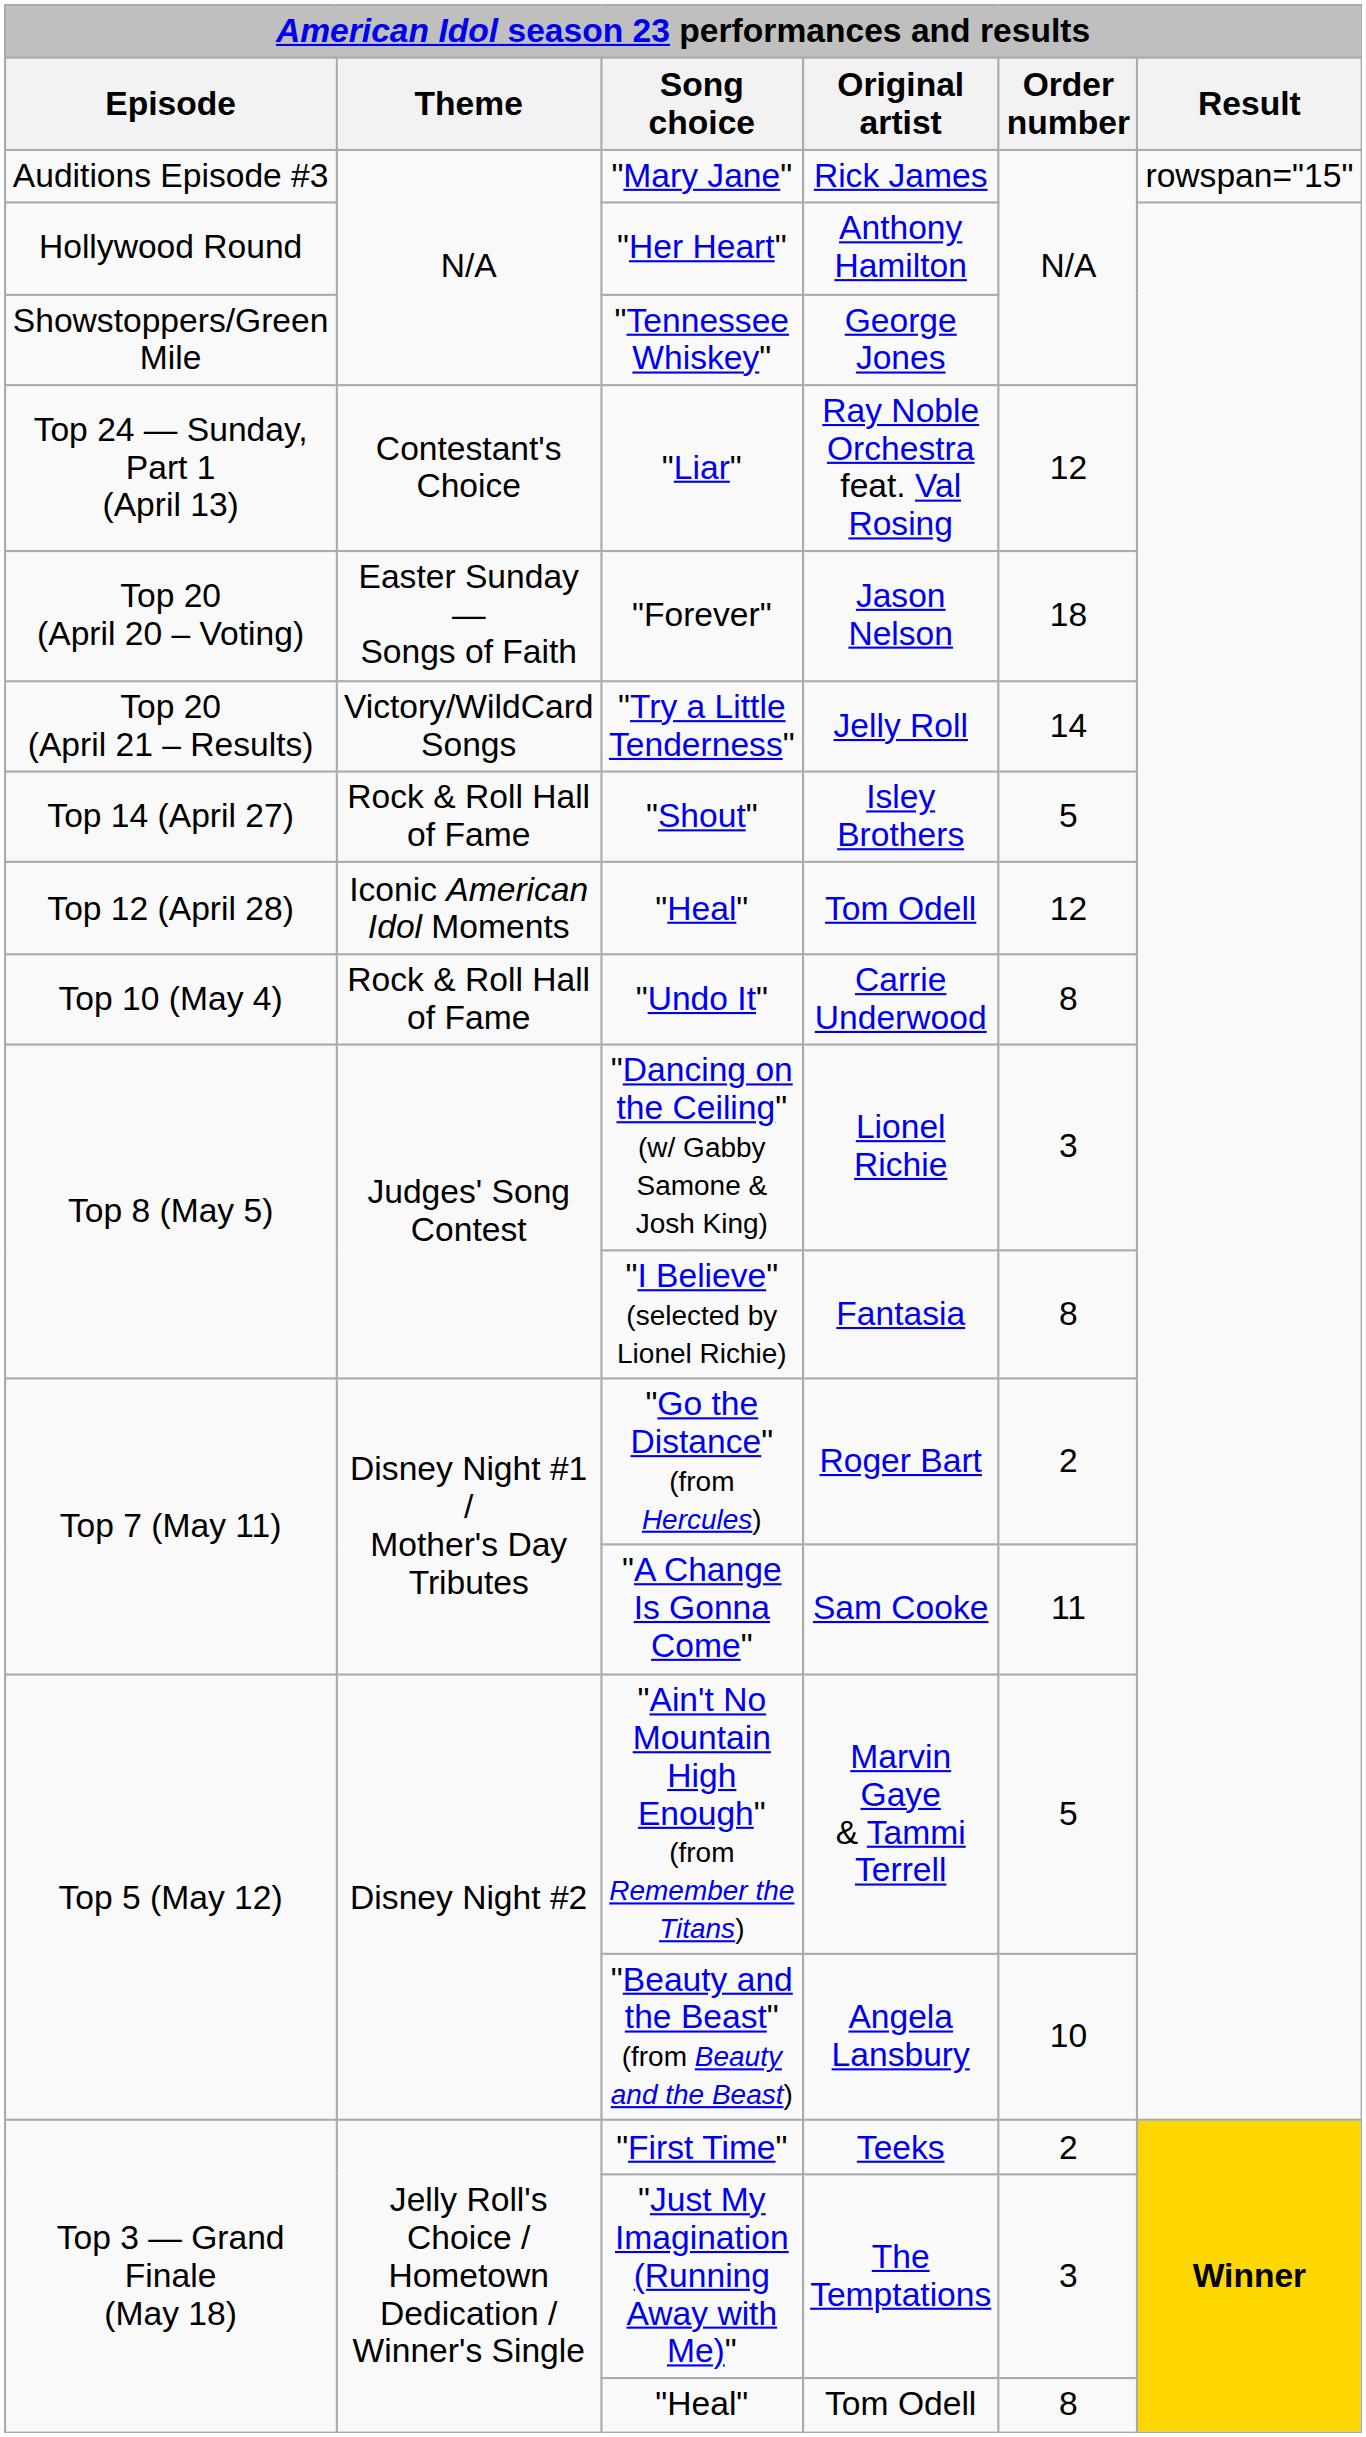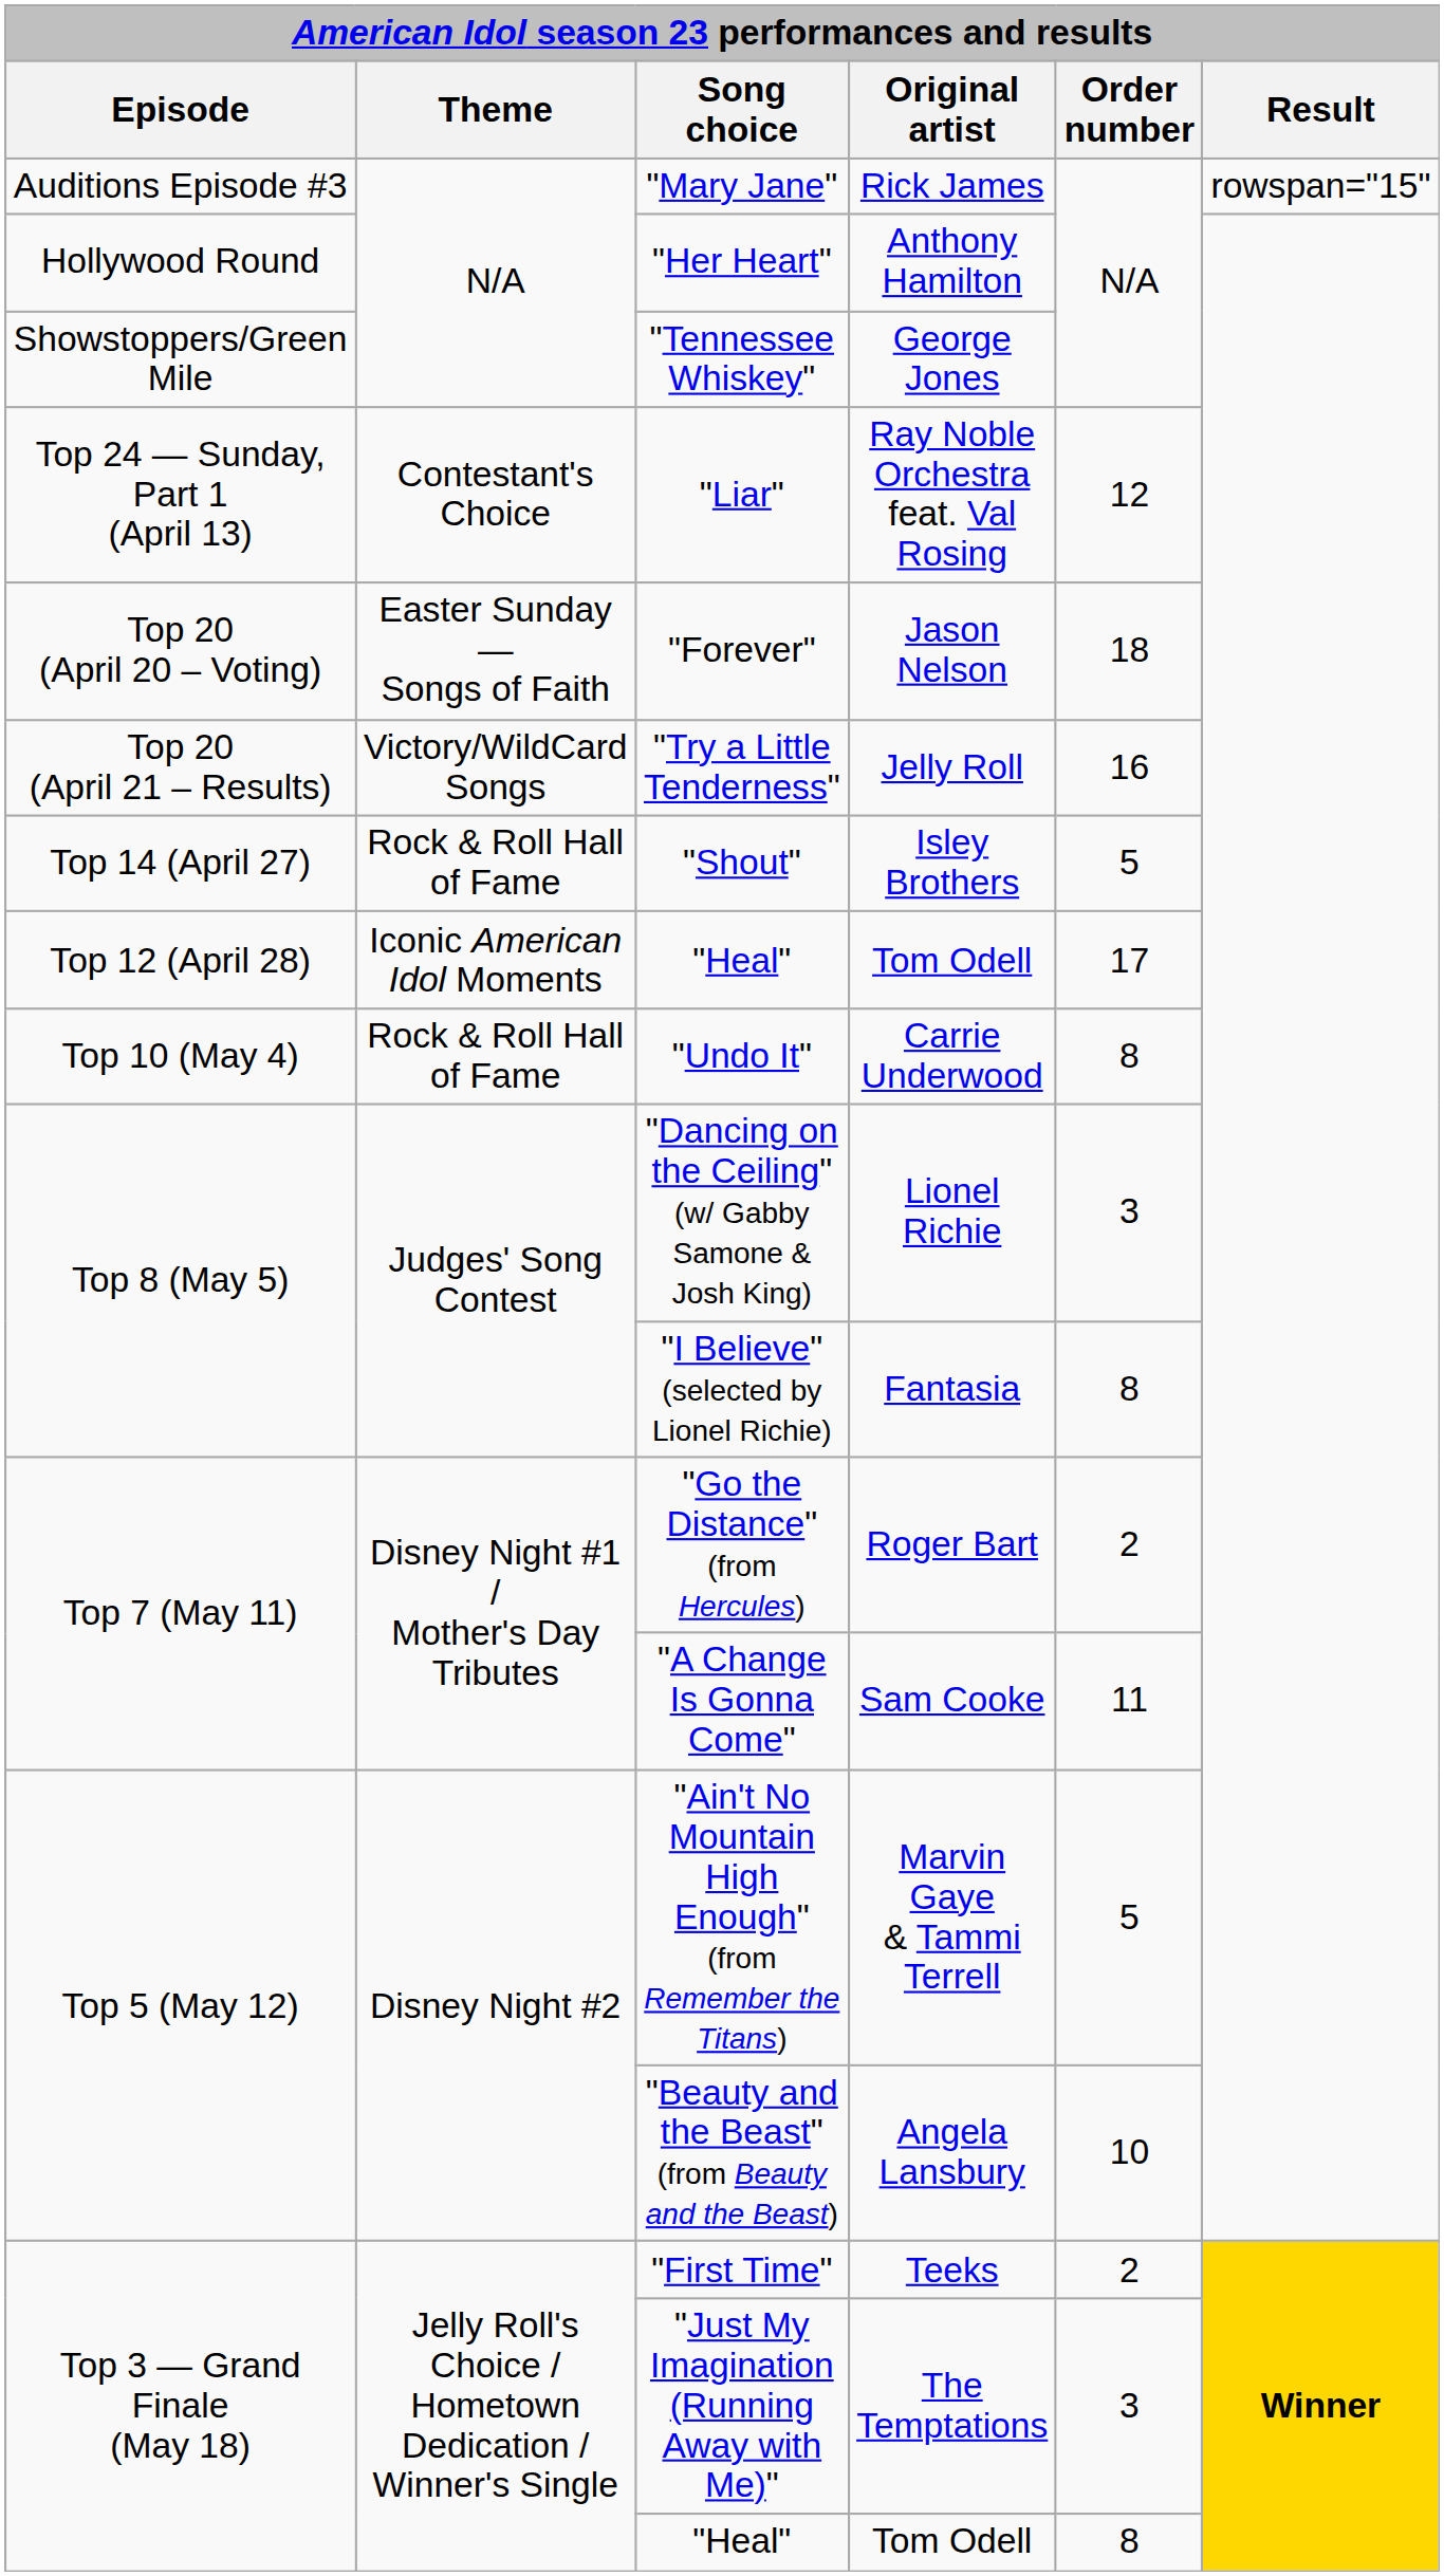 <table class="wikitable" style="width:90%; margin:1em auto 1em auto; text-align: center;">
 <tr>
 <th colspan="6" style="background:#BFBFBF;"><a href='#'><em>American Idol</em> season 23</a> performances and results</th>
 </tr>
 <tr>
 <th style="width:175px;">Episode</th>
 <th style="width:175px;">Theme</th>
 <th style="width:350px;">Song choice</th>
 <th style="width:200px;">Original artist</th>
 <th style="width:040px;">Order number</th>
 <th style="width:060px;">Result</th>
 </tr>
 <tr>
 <td>Auditions Episode #3</td>
 <td rowspan="3">N/A</td>
 <td>"<a href='#'>Mary Jane</a>"</td>
 <td><a href='#'>Rick James</a></td>
 <td rowspan="3">N/A</td>
 <td>rowspan="15" </td>
 </tr>
 <tr>
 <td>Hollywood Round</td>
 <td>"<a href='#'>Her Heart</a>"</td>
 <td><a href='#'>Anthony Hamilton</a></td>
 </tr>
 <tr>
 <td>Showstoppers/Green Mile</td>
 <td>"<a href='#'>Tennessee Whiskey</a>"</td>
 <td><a href='#'>George Jones</a></td>
 </tr>
 <tr>
 <td>Top 24 — Sunday, Part 1<br>(April 13)</td>
 <td>Contestant's Choice</td>
 <td>"<a href='#'>Liar</a>"</td>
 <td><a href='#'>Ray Noble Orchestra</a><br>feat. <a href='#'>Val Rosing</a></td>
 <td>12</td>
 </tr>
 <tr>
 <td>Top 20<br>(April 20 – Voting)</td>
 <td>Easter Sunday —<br>Songs of Faith</td>
 <td>"Forever"</td>
 <td><a href='#'>Jason Nelson</a></td>
 <td>18</td>
 </tr>
 <tr>
 <td>Top 20<br>(April 21 – Results)</td>
 <td>Victory/WildCard Songs</td>
 <td>"<a href='#'>Try a Little Tenderness</a>"</td>
 <td><a href='#'>Jelly Roll</a></td>
-<td>14</td>
+<td>16</td>
 </tr>
 <tr>
 <td>Top 14 (April 27)</td>
 <td>Rock & Roll Hall of Fame</td>
 <td>"<a href='#'>Shout</a>"</td>
 <td><a href='#'>Isley Brothers</a></td>
 <td>5</td>
 </tr>
 <tr>
 <td>Top 12 (April 28)</td>
 <td>Iconic <em>American Idol</em> Moments</td>
 <td>"<a href='#'>Heal</a>"</td>
 <td><a href='#'>Tom Odell</a></td>
-<td>12</td>
+<td>17</td>
 </tr>
 <tr>
 <td>Top 10 (May 4)</td>
 <td>Rock & Roll Hall of Fame</td>
 <td>"<a href='#'>Undo It</a>"</td>
 <td><a href='#'>Carrie Underwood</a></td>
 <td>8</td>
 </tr>
 <tr>
 <td rowspan="2">Top 8 (May 5)</td>
 <td rowspan="2">Judges' Song Contest</td>
 <td>"<a href='#'>Dancing on the Ceiling</a>"<br><small>(w/ Gabby Samone & Josh King)</small></td>
 <td><a href='#'>Lionel Richie</a></td>
 <td>3</td>
 </tr>
 <tr>
 <td>"<a href='#'>I Believe</a>"<br><small>(selected by Lionel Richie)</small></td>
 <td><a href='#'>Fantasia</a></td>
 <td>8</td>
 </tr>
 <tr>
 <td rowspan="2">Top 7 (May 11)</td>
 <td rowspan="2">Disney Night #1 /<br>Mother's Day Tributes</td>
 <td>"<a href='#'>Go the Distance</a>"<br><small>(from <em><a href='#'>Hercules</a></em>)</small></td>
 <td><a href='#'>Roger Bart</a></td>
 <td>2</td>
 </tr>
 <tr>
 <td>"<a href='#'>A Change Is Gonna Come</a>"</td>
 <td><a href='#'>Sam Cooke</a></td>
 <td>11</td>
 </tr>
 <tr>
 <td rowspan="2">Top 5 (May 12)</td>
 <td rowspan="2">Disney Night #2</td>
 <td>"<a href='#'>Ain't No Mountain High Enough</a>"<br><small>(from <em><a href='#'>Remember the Titans</a></em>)</small></td>
 <td><a href='#'>Marvin Gaye</a><br>& <a href='#'>Tammi Terrell</a></td>
 <td>5</td>
 </tr>
 <tr>
 <td>"<a href='#'>Beauty and the Beast</a>"<br><small>(from <em><a href='#'>Beauty and the Beast</a></em>)</small></td>
 <td><a href='#'>Angela Lansbury</a></td>
 <td>10</td>
 </tr>
 <tr>
 <td rowspan="3">Top 3 — Grand Finale<br>(May 18)</td>
 <td rowspan="3">Jelly Roll's Choice /<br>Hometown Dedication /<br>Winner's Single</td>
 <td>"<a href='#'>First Time</a>"</td>
 <td><a href='#'>Teeks</a></td>
 <td>2</td>
 <td rowspan="3" bgcolor="gold"><strong>Winner</strong></td>
 </tr>
 <tr>
 <td>"<a href='#'>Just My Imagination (Running Away with Me)</a>"</td>
 <td><a href='#'>The Temptations</a></td>
 <td>3</td>
 </tr>
 <tr>
 <td>"Heal"</td>
 <td>Tom Odell</td>
 <td>8</td>
 </tr>
 </table>
